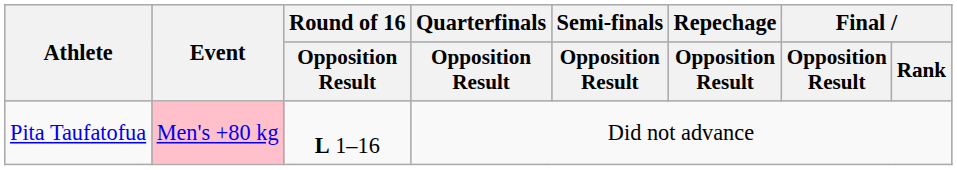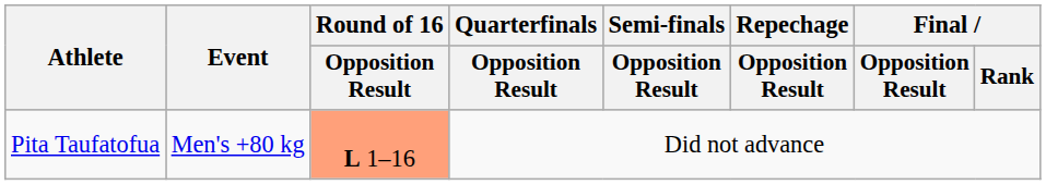 <table class="wikitable" style="font-size:90%;">
 <tr>
 <th rowspan=2>Athlete</th>
 <th rowspan=2>Event</th>
 <th>Round of 16</th>
 <th>Quarterfinals</th>
 <th>Semi-finals</th>
 <th>Repechage</th>
 <th colspan=2>Final / </th>
 </tr>
 <tr style="font-size:95%">
 <th>Opposition<br>Result</th>
 <th>Opposition<br>Result</th>
 <th>Opposition<br>Result</th>
 <th>Opposition<br>Result</th>
 <th>Opposition<br>Result</th>
 <th>Rank</th>
 </tr>
 <tr align=center>
 <td align=left><a href='#'>Pita Taufatofua</a></td>
-<td align=left style="background: pink;"><a href='#'>Men's +80 kg</a></td>
-<td><br><strong>L</strong> 1–16 </td>
+<td align=left><a href='#'>Men's +80 kg</a></td>
+<td style="background: lightsalmon;"><br><strong>L</strong> 1–16 </td>
 <td colspan=5>Did not advance</td>
 </tr>
 </table>
